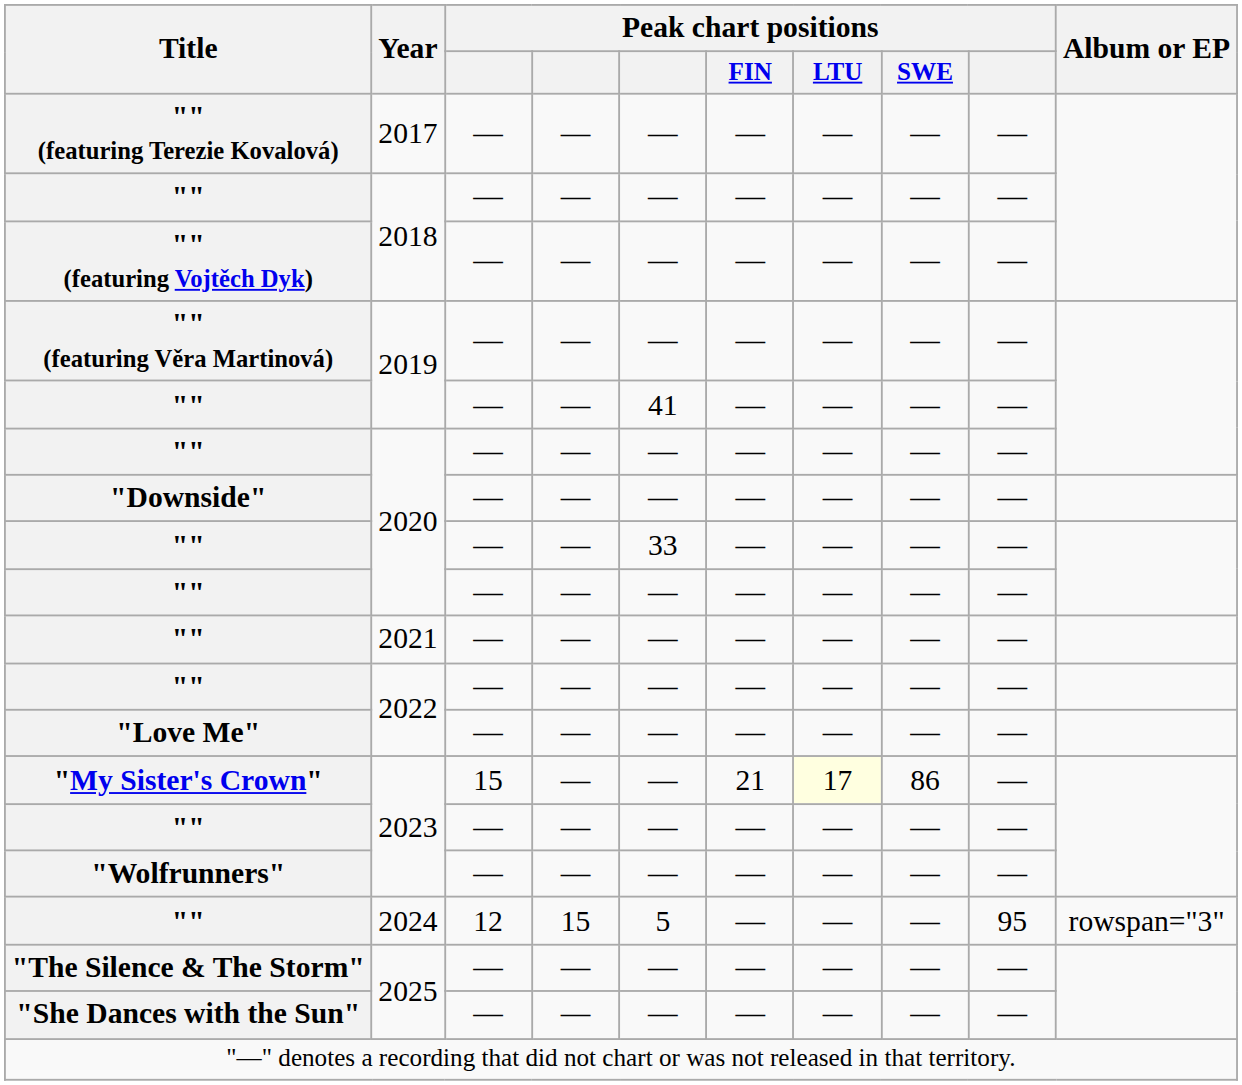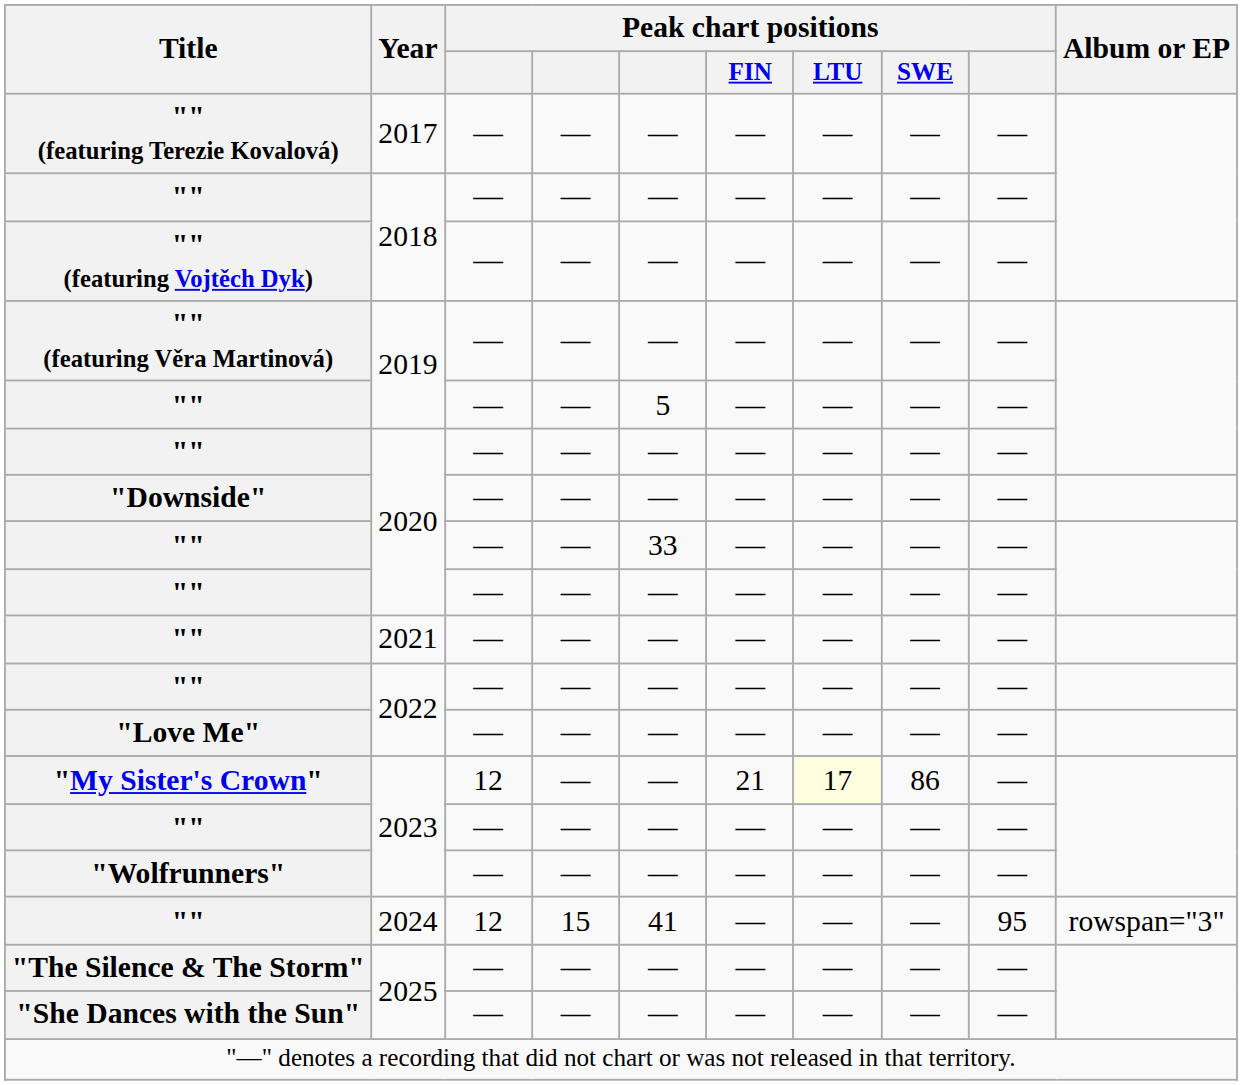 <table class="wikitable plainrowheaders" style="text-align:center;">
 <tr>
 <th scope="col" rowspan="2">Title</th>
 <th scope="col" rowspan="2">Year</th>
 <th colspan="7" scope="col">Peak chart positions</th>
 <th scope="col" rowspan="2">Album or EP</th>
 </tr>
 <tr>
 <th style="width:3em;font-size:85%;"><a href='#'></a><br></th>
 <th style="width:3em;font-size:85%;"><a href='#'></a><br></th>
 <th style="width:3em;font-size:85%;"><a href='#'></a><br></th>
 <th style="width:3em;font-size:85%;"><a href='#'>FIN</a><br></th>
 <th style="width:3em;font-size:85%;"><a href='#'>LTU</a><br></th>
 <th style="width:3em;font-size:85%;"><a href='#'>SWE</a><br></th>
 <th style="width:3em;font-size:85%;"><a href='#'></a><br></th>
 </tr>
 <tr>
 <th scope="row">""<br><small>(featuring Terezie Kovalová)</small></th>
 <td>2017</td>
 <td>—</td>
 <td>—</td>
 <td>—</td>
 <td>—</td>
 <td>—</td>
 <td>—</td>
 <td>—</td>
 <td rowspan="3"><em></em></td>
 </tr>
 <tr>
 <th scope="row">""</th>
 <td rowspan="2">2018</td>
 <td>—</td>
 <td>—</td>
 <td>—</td>
 <td>—</td>
 <td>—</td>
 <td>—</td>
 <td>—</td>
 </tr>
 <tr>
 <th scope="row">""<br><small>(featuring <a href='#'>Vojtěch Dyk</a>)</small></th>
 <td>—</td>
 <td>—</td>
 <td>—</td>
 <td>—</td>
 <td>—</td>
 <td>—</td>
 <td>—</td>
 </tr>
 <tr>
 <th scope="row">""<br><small>(featuring Věra Martinová)</small></th>
 <td rowspan="2">2019</td>
 <td>—</td>
 <td>—</td>
 <td>—</td>
 <td>—</td>
 <td>—</td>
 <td>—</td>
 <td>—</td>
 <td rowspan="3"></td>
 </tr>
 <tr>
 <th scope="row">""</th>
 <td>—</td>
 <td>—</td>
-<td>41</td>
+<td>5</td>
 <td>—</td>
 <td>—</td>
 <td>—</td>
 <td>—</td>
 </tr>
 <tr>
 <th scope="row">""</th>
 <td rowspan="4">2020</td>
 <td>—</td>
 <td>—</td>
 <td>—</td>
 <td>—</td>
 <td>—</td>
 <td>—</td>
 <td>—</td>
 </tr>
 <tr>
 <th scope="row">"Downside"</th>
 <td>—</td>
 <td>—</td>
 <td>—</td>
 <td>—</td>
 <td>—</td>
 <td>—</td>
 <td>—</td>
 <td></td>
 </tr>
 <tr>
 <th scope="row">""</th>
 <td>—</td>
 <td>—</td>
 <td>33</td>
 <td>—</td>
 <td>—</td>
 <td>—</td>
 <td>—</td>
 <td rowspan="2"></td>
 </tr>
 <tr>
 <th scope="row">""</th>
 <td>—</td>
 <td>—</td>
 <td>—</td>
 <td>—</td>
 <td>—</td>
 <td>—</td>
 <td>—</td>
 </tr>
 <tr>
 <th scope="row">""</th>
 <td>2021</td>
 <td>—</td>
 <td>—</td>
 <td>—</td>
 <td>—</td>
 <td>—</td>
 <td>—</td>
 <td>—</td>
 <td></td>
 </tr>
 <tr>
 <th scope="row">""</th>
 <td rowspan="2">2022</td>
 <td>—</td>
 <td>—</td>
 <td>—</td>
 <td>—</td>
 <td>—</td>
 <td>—</td>
 <td>—</td>
 <td><em></em></td>
 </tr>
 <tr>
 <th scope="row">"Love Me"</th>
 <td>—</td>
 <td>—</td>
 <td>—</td>
 <td>—</td>
 <td>—</td>
 <td>—</td>
 <td>—</td>
 <td></td>
 </tr>
 <tr>
 <th scope="row">"<a href='#'>My Sister's Crown</a>"</th>
 <td rowspan="3">2023</td>
-<td>15</td>
+<td>12</td>
 <td>—</td>
 <td>—</td>
 <td>21</td>
 <td style="background: lightyellow;">17</td>
 <td>86</td>
 <td>—</td>
 <td rowspan="3"><em></em></td>
 </tr>
 <tr>
 <th scope="row">""</th>
 <td>—</td>
 <td>—</td>
 <td>—</td>
 <td>—</td>
 <td>—</td>
 <td>—</td>
 <td>—</td>
 </tr>
 <tr>
 <th scope="row">"Wolfrunners"</th>
 <td>—</td>
 <td>—</td>
 <td>—</td>
 <td>—</td>
 <td>—</td>
 <td>—</td>
 <td>—</td>
 </tr>
 <tr>
 <th scope="row">""<br></th>
 <td>2024</td>
 <td>12</td>
 <td>15</td>
-<td>5</td>
+<td>41</td>
 <td>—</td>
 <td>—</td>
 <td>—</td>
 <td>95</td>
 <td>rowspan="3" </td>
 </tr>
 <tr>
 <th scope="row">"The Silence & The Storm"<br></th>
 <td rowspan="2">2025</td>
 <td>—</td>
 <td>—</td>
 <td>—</td>
 <td>—</td>
 <td>—</td>
 <td>—</td>
 <td>—</td>
 </tr>
 <tr>
 <th scope="row">"She Dances with the Sun"<br></th>
 <td>—</td>
 <td>—</td>
 <td>—</td>
 <td>—</td>
 <td>—</td>
 <td>—</td>
 <td>—</td>
 </tr>
 <tr>
 <td colspan="10" style="font-size:85%">"—" denotes a recording that did not chart or was not released in that territory.</td>
 </tr>
 </table>
